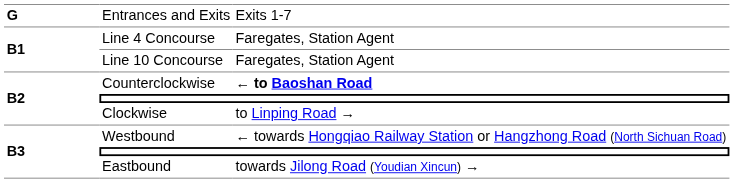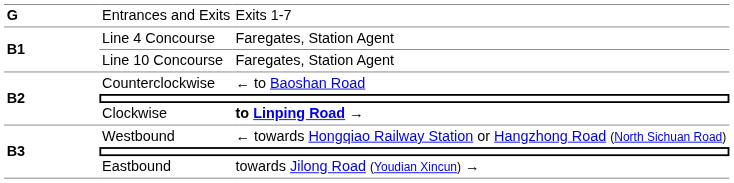 <table cellspacing=0 cellpadding=3>
 <tr>
 <td style="border-top:solid 1px gray;border-bottom:solid 1px gray;" width=100><strong>G</strong></td>
 <td style="border-top:solid 1px gray;border-bottom:solid 1px gray;">Entrances and Exits</td>
 <td style="border-top:solid 1px gray;border-bottom:solid 1px gray;">Exits 1-7</td>
 </tr>
 <tr>
 <td style="border-bottom:solid 1px gray;" rowspan=2><strong>B1</strong></td>
 <td style="border-bottom:solid 1px gray;">Line 4 Concourse</td>
 <td style="border-bottom:solid 1px gray;">Faregates, Station Agent</td>
 </tr>
 <tr>
 <td style="border-bottom:solid 1px gray;">Line 10 Concourse</td>
 <td style="border-bottom:solid 1px gray;">Faregates, Station Agent</td>
 </tr>
 <tr>
 <td style="border-bottom:solid 1px gray;" rowspan=3><strong>B2</strong></td>
 <td>Counterclockwise</td>
-<td><strong>←  to <a href='#'>Baoshan Road</a></strong></td>
+<td>←  to <a href='#'>Baoshan Road</a></td>
 </tr>
 <tr>
 <td style="border-right:solid 2px black;border-left:solid 2px black;border-top:solid 2px black;border-bottom:solid 2px black;" colspan=2></td>
 </tr>
 <tr>
 <td style="border-bottom:solid 1px gray;">Clockwise</td>
-<td style="border-bottom:solid 1px gray;">  to <a href='#'>Linping Road</a> →</td>
+<td style="border-bottom:solid 1px gray;"><strong>  to <a href='#'>Linping Road</a> →</strong></td>
 </tr>
 <tr>
 <td style="border-bottom:solid 1px gray;" rowspan=3><strong>B3</strong></td>
 <td>Westbound</td>
 <td>←  towards <a href='#'>Hongqiao Railway Station</a> or <a href='#'>Hangzhong Road</a> <small>(<a href='#'>North Sichuan Road</a>)</small></td>
 </tr>
 <tr>
 <td style="border-right:solid 2px black;border-left:solid 2px black;border-top:solid 2px black;border-bottom:solid 2px black;" colspan=2></td>
 </tr>
 <tr>
 <td style="border-bottom:solid 1px gray;">Eastbound</td>
 <td style="border-bottom:solid 1px gray;">  towards <a href='#'>Jilong Road</a> <small>(<a href='#'>Youdian Xincun</a>)</small> →</td>
 </tr>
 </table>
